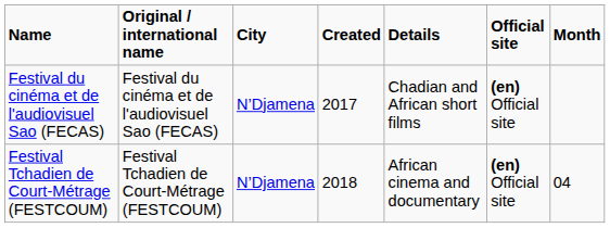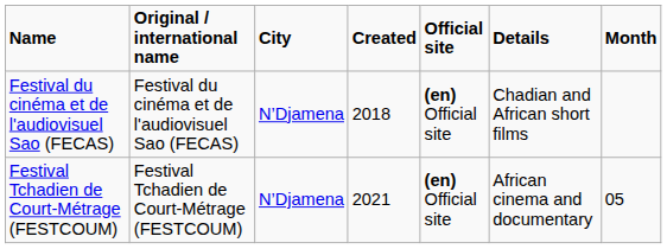 <table class="wikitable">
 <tr>
 <td><strong>Name</strong></td>
 <td><strong>Original / international name</strong></td>
 <td><strong>City</strong></td>
 <td><strong>Created</strong></td>
+<td><strong>Official site</strong></td>
 <td><strong>Details</strong></td>
-<td><strong>Official site</strong></td>
 <td><strong>Month</strong></td>
 </tr>
 <tr>
 <td><a href='#'>Festival du cinéma et de l'audiovisuel Sao</a> (FECAS) </td>
 <td>Festival du cinéma et de l'audiovisuel Sao (FECAS)</td>
 <td><a href='#'>N’Djamena</a></td>
-<td>2017</td>
+<td>2018</td>
+<td><strong>(en)</strong> Official site</td>
 <td>Chadian and African short films</td>
-<td><strong>(en)</strong> Official site</td>
 <td></td>
 </tr>
 <tr>
 <td><a href='#'>Festival Tchadien de Court-Métrage</a> (FESTCOUM)</td>
 <td>Festival Tchadien de Court-Métrage (FESTCOUM)</td>
 <td><a href='#'>N’Djamena</a></td>
-<td>2018</td>
+<td>2021</td>
+<td><strong>(en)</strong> Official site</td>
 <td>African cinema and documentary</td>
-<td><strong>(en)</strong> Official site</td>
-<td>04</td>
+<td>05</td>
 </tr>
 </table>
